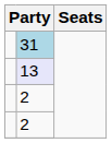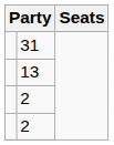 <table class="wikitable">
 <tr>
 <th colspan=2>Party</th>
 <th>Seats</th>
 </tr>
 <tr>
 <td></td>
-<td style="background: lightblue;">31</td>
+<td>31</td>
 </tr>
 <tr>
 <td></td>
-<td style="background: lavender;">13</td>
+<td>13</td>
 </tr>
 <tr>
 <td></td>
 <td>2</td>
 </tr>
 <tr>
 <td></td>
 <td>2</td>
 </tr>
 <tr>
 </tr>
 </table>
